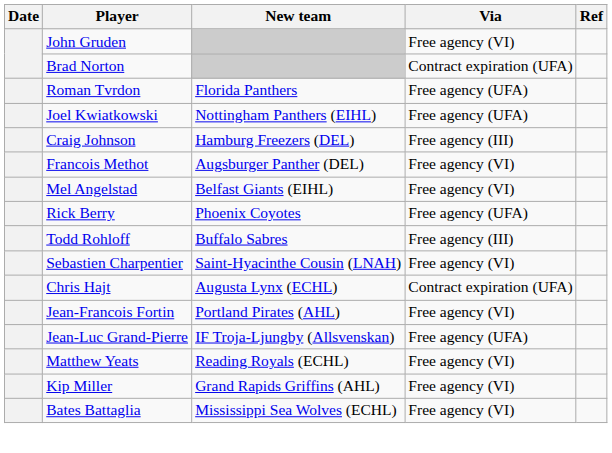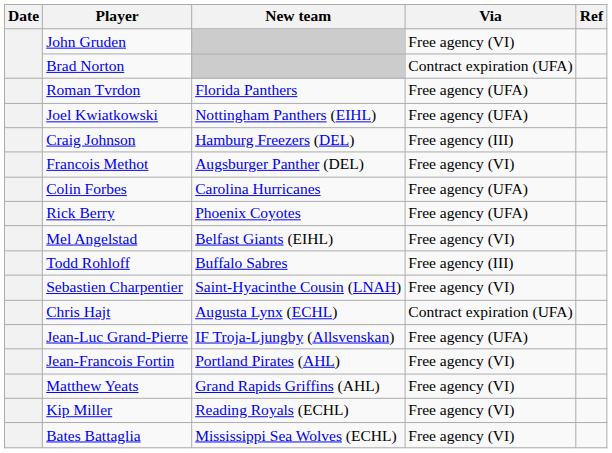 <table class="wikitable plainrowheaders">
 <tr style="background:#ddd; text-align:center;">
 <th>Date</th>
 <th>Player</th>
 <th>New team</th>
 <th>Via</th>
 <th>Ref</th>
 </tr>
 <tr>
 <th scope="row" rowspan=2></th>
 <td><a href='#'>John Gruden</a></td>
 <td style="background:#ccc"></td>
 <td>Free agency (VI)</td>
 <td></td>
 </tr>
 <tr>
 <td><a href='#'>Brad Norton</a></td>
 <td style="background:#ccc"></td>
 <td>Contract expiration (UFA)</td>
 <td></td>
 </tr>
 <tr>
 <th scope="row"></th>
 <td><a href='#'>Roman Tvrdon</a></td>
 <td><a href='#'>Florida Panthers</a></td>
 <td>Free agency (UFA)</td>
 <td></td>
 </tr>
 <tr>
 <th scope="row"></th>
 <td><a href='#'>Joel Kwiatkowski</a></td>
 <td><a href='#'>Nottingham Panthers</a> (<a href='#'>EIHL</a>)</td>
 <td>Free agency (UFA)</td>
 <td></td>
 </tr>
 <tr>
 <th scope="row"></th>
 <td><a href='#'>Craig Johnson</a></td>
 <td><a href='#'>Hamburg Freezers</a> (<a href='#'>DEL</a>)</td>
 <td>Free agency (III)</td>
 <td></td>
 </tr>
 <tr>
 <th scope="row"></th>
 <td><a href='#'>Francois Methot</a></td>
 <td><a href='#'>Augsburger Panther</a> (DEL)</td>
 <td>Free agency (VI)</td>
 <td></td>
 </tr>
 <tr>
 <th scope="row"></th>
-<td><a href='#'>Mel Angelstad</a></td>
-<td><a href='#'>Belfast Giants</a> (EIHL)</td>
-<td>Free agency (VI)</td>
+<td><a href='#'>Colin Forbes</a></td>
+<td><a href='#'>Carolina Hurricanes</a></td>
+<td>Free agency (UFA)</td>
 <td></td>
 </tr>
 <tr>
 <th scope="row"></th>
 <td><a href='#'>Rick Berry</a></td>
 <td><a href='#'>Phoenix Coyotes</a></td>
 <td>Free agency (UFA)</td>
+<td></td>
+</tr>
+<tr>
+<th scope="row"></th>
+<td><a href='#'>Mel Angelstad</a></td>
+<td><a href='#'>Belfast Giants</a> (EIHL)</td>
+<td>Free agency (VI)</td>
 <td></td>
 </tr>
 <tr>
 <th scope="row"></th>
 <td><a href='#'>Todd Rohloff</a></td>
 <td><a href='#'>Buffalo Sabres</a></td>
 <td>Free agency (III)</td>
 <td></td>
 </tr>
 <tr>
 <th scope="row"></th>
 <td><a href='#'>Sebastien Charpentier</a></td>
 <td><a href='#'>Saint-Hyacinthe Cousin</a> (<a href='#'>LNAH</a>)</td>
 <td>Free agency (VI)</td>
 <td></td>
 </tr>
 <tr>
 <th scope="row"></th>
 <td><a href='#'>Chris Hajt</a></td>
 <td><a href='#'>Augusta Lynx</a> (<a href='#'>ECHL</a>)</td>
 <td>Contract expiration (UFA)</td>
 <td></td>
 </tr>
 <tr>
 <th scope="row"></th>
+<td><a href='#'>Jean-Luc Grand-Pierre</a></td>
+<td><a href='#'>IF Troja-Ljungby</a> (<a href='#'>Allsvenskan</a>)</td>
+<td>Free agency (UFA)</td>
+<td></td>
+</tr>
+<tr>
+<th scope="row"></th>
 <td><a href='#'>Jean-Francois Fortin</a></td>
 <td><a href='#'>Portland Pirates</a> (<a href='#'>AHL</a>)</td>
 <td>Free agency (VI)</td>
 <td></td>
 </tr>
 <tr>
 <th scope="row"></th>
-<td><a href='#'>Jean-Luc Grand-Pierre</a></td>
-<td><a href='#'>IF Troja-Ljungby</a> (<a href='#'>Allsvenskan</a>)</td>
-<td>Free agency (UFA)</td>
-<td></td>
-</tr>
-<tr>
-<th scope="row"></th>
 <td><a href='#'>Matthew Yeats</a></td>
-<td><a href='#'>Reading Royals</a> (ECHL)</td>
+<td><a href='#'>Grand Rapids Griffins</a> (AHL)</td>
 <td>Free agency (VI)</td>
 <td></td>
 </tr>
 <tr>
 <th scope="row"></th>
 <td><a href='#'>Kip Miller</a></td>
-<td><a href='#'>Grand Rapids Griffins</a> (AHL)</td>
+<td><a href='#'>Reading Royals</a> (ECHL)</td>
 <td>Free agency (VI)</td>
 <td></td>
 </tr>
 <tr>
 <th scope="row"></th>
 <td><a href='#'>Bates Battaglia</a></td>
 <td><a href='#'>Mississippi Sea Wolves</a> (ECHL)</td>
 <td>Free agency (VI)</td>
 <td></td>
 </tr>
 </table>
